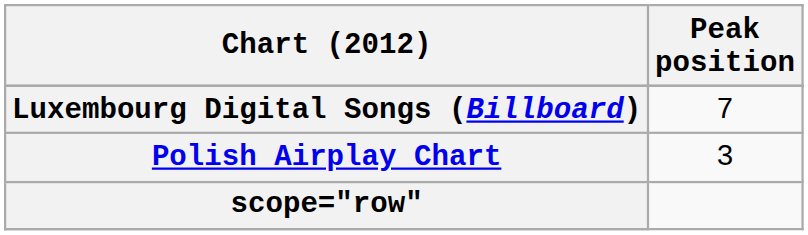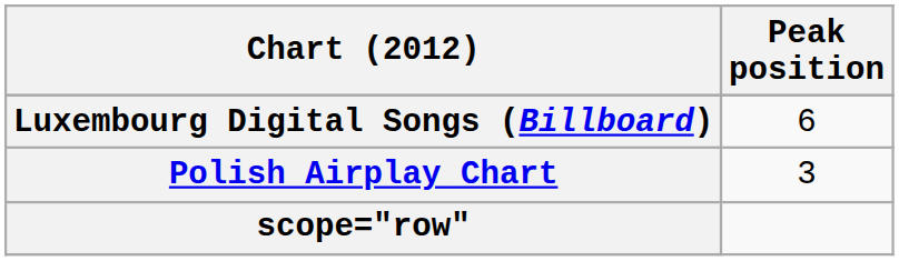 <table class="wikitable sortable plainrowheaders" style="text-align:center;">
 <tr>
 <th scope="col">Chart (2012)</th>
 <th scope="col">Peak<br>position</th>
 </tr>
 <tr>
 </tr>
 <tr>
 </tr>
 <tr>
 </tr>
 <tr>
 </tr>
 <tr>
 </tr>
 <tr>
 </tr>
 <tr>
 </tr>
 <tr>
 <th scope="row">Luxembourg Digital Songs (<em><a href='#'>Billboard</a></em>)</th>
-<td style="text-align:center;">7</td>
+<td style="text-align:center;">6</td>
 </tr>
 <tr>
 <th scope="row"><a href='#'>Polish Airplay Chart</a></th>
 <td align="center">3</td>
 </tr>
 <tr>
 <th>scope="row"</th>
 </tr>
 <tr>
 </tr>
 <tr>
 </tr>
 </table>
